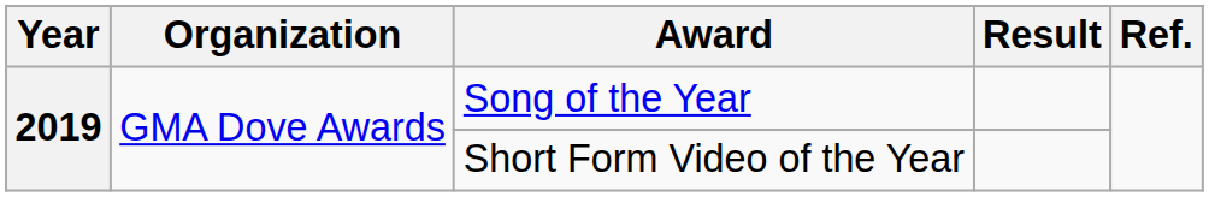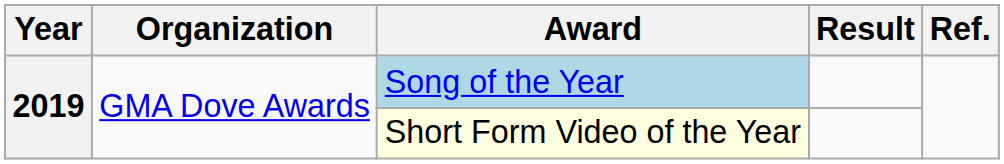 <table class="wikitable plainrowheaders">
 <tr>
 <th>Year</th>
 <th>Organization</th>
 <th>Award</th>
 <th>Result</th>
 <th>Ref.</th>
 </tr>
 <tr>
 <th scope="row" rowspan="2">2019</th>
 <td rowspan="2"><a href='#'>GMA Dove Awards</a></td>
-<td><a href='#'>Song of the Year</a></td>
+<td style="background: lightblue;"><a href='#'>Song of the Year</a></td>
 <td></td>
 <td rowspan="2" style="text-align:center;"></td>
 </tr>
 <tr>
-<td>Short Form Video of the Year</td>
+<td style="background: lightyellow;">Short Form Video of the Year</td>
 <td></td>
 </tr>
 </table>
